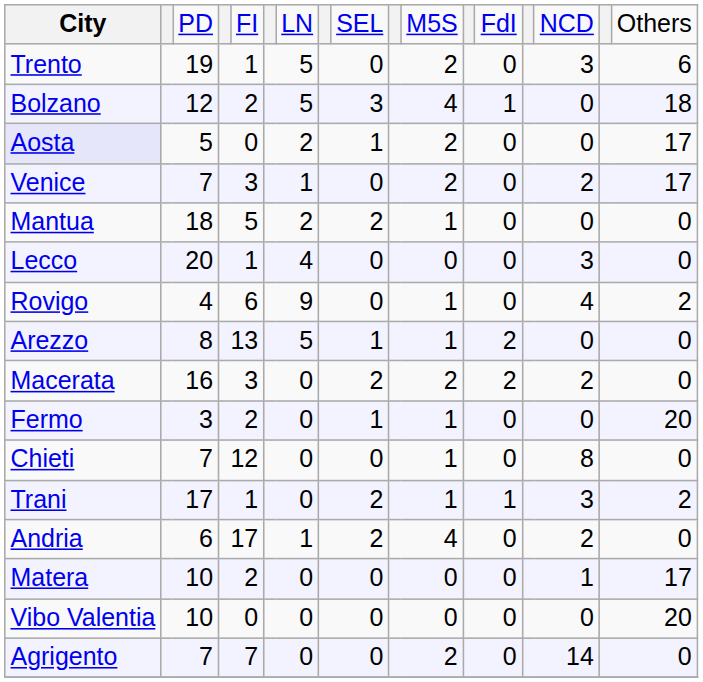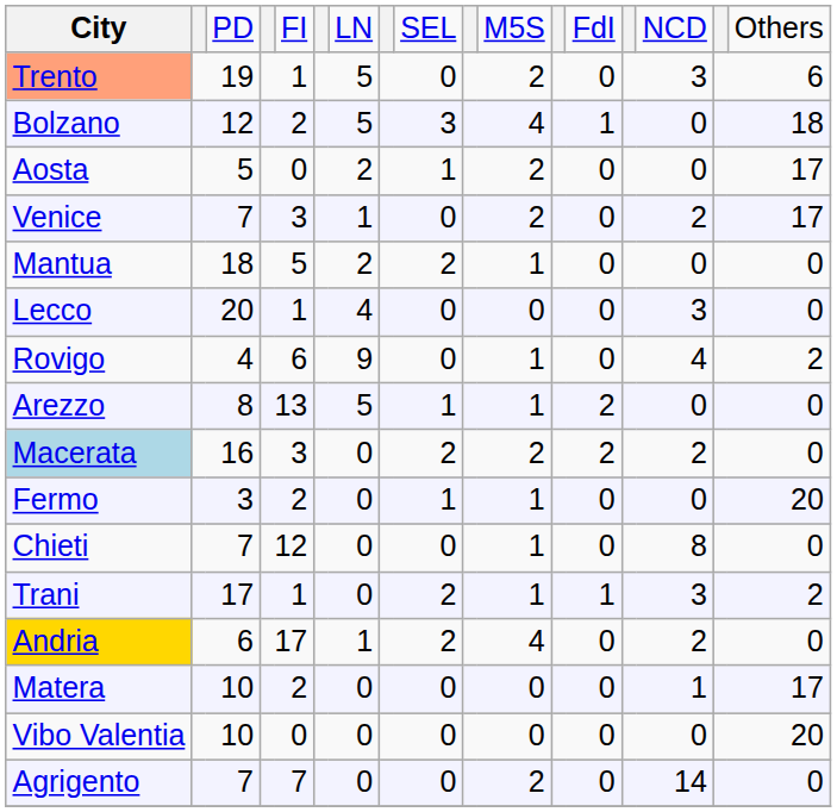 <table class="wikitable" style="text-align:right; padding-left:1em">
 <tr>
 <th align="left">City</th>
 <th style="background-color: "></th>
 <td><a href='#'>PD</a></td>
 <th style="background-color: "></th>
 <td><a href='#'>FI</a></td>
 <th style="background-color: "></th>
 <td><a href='#'>LN</a></td>
 <th style="background-color: "></th>
 <td><a href='#'>SEL</a></td>
 <th style="background-color: "></th>
 <td><a href='#'>M5S</a></td>
 <th style="background-color: "></th>
 <td><a href='#'>FdI</a></td>
 <th style="background-color: "></th>
 <td><a href='#'>NCD</a></td>
 <th style="background-color: "></th>
 <td>Others</td>
 </tr>
 <tr>
-<td align=left><a href='#'>Trento</a></td>
+<td align=left style="background: lightsalmon;"><a href='#'>Trento</a></td>
 <td colspan=2>19</td>
 <td colspan=2>1</td>
 <td colspan=2>5</td>
 <td colspan=2>0</td>
 <td colspan=2>2</td>
 <td colspan=2>0</td>
 <td colspan=2>3</td>
 <td colspan=2>6</td>
 </tr>
 <tr bgcolor=F3F3FF>
 <td align=left><a href='#'>Bolzano</a></td>
 <td colspan=2>12</td>
 <td colspan=2>2</td>
 <td colspan=2>5</td>
 <td colspan=2>3</td>
 <td colspan=2>4</td>
 <td colspan=2>1</td>
 <td colspan=2>0</td>
 <td colspan=2>18</td>
 </tr>
 <tr>
-<td align=left style="background: lavender;"><a href='#'>Aosta</a></td>
+<td align=left><a href='#'>Aosta</a></td>
 <td colspan=2>5</td>
 <td colspan=2>0</td>
 <td colspan=2>2</td>
 <td colspan=2>1</td>
 <td colspan=2>2</td>
 <td colspan=2>0</td>
 <td colspan=2>0</td>
 <td colspan=2>17</td>
 </tr>
 <tr bgcolor=F3F3FF>
 <td align=left><a href='#'>Venice</a></td>
 <td colspan=2>7</td>
 <td colspan=2>3</td>
 <td colspan=2>1</td>
 <td colspan=2>0</td>
 <td colspan=2>2</td>
 <td colspan=2>0</td>
 <td colspan=2>2</td>
 <td colspan=2>17</td>
 </tr>
 <tr>
 <td align=left><a href='#'>Mantua</a></td>
 <td colspan=2>18</td>
 <td colspan=2>5</td>
 <td colspan=2>2</td>
 <td colspan=2>2</td>
 <td colspan=2>1</td>
 <td colspan=2>0</td>
 <td colspan=2>0</td>
 <td colspan=2>0</td>
 </tr>
 <tr bgcolor=F3F3FF>
 <td align=left><a href='#'>Lecco</a></td>
 <td colspan=2>20</td>
 <td colspan=2>1</td>
 <td colspan=2>4</td>
 <td colspan=2>0</td>
 <td colspan=2>0</td>
 <td colspan=2>0</td>
 <td colspan=2>3</td>
 <td colspan=2>0</td>
 </tr>
 <tr>
 <td align=left><a href='#'>Rovigo</a></td>
 <td colspan=2>4</td>
 <td colspan=2>6</td>
 <td colspan=2>9</td>
 <td colspan=2>0</td>
 <td colspan=2>1</td>
 <td colspan=2>0</td>
 <td colspan=2>4</td>
 <td colspan=2>2</td>
 </tr>
 <tr bgcolor=F3F3FF>
 <td align=left><a href='#'>Arezzo</a></td>
 <td colspan=2>8</td>
 <td colspan=2>13</td>
 <td colspan=2>5</td>
 <td colspan=2>1</td>
 <td colspan=2>1</td>
 <td colspan=2>2</td>
 <td colspan=2>0</td>
 <td colspan=2>0</td>
 </tr>
 <tr>
-<td align=left><a href='#'>Macerata</a></td>
+<td align=left style="background: lightblue;"><a href='#'>Macerata</a></td>
 <td colspan=2>16</td>
 <td colspan=2>3</td>
 <td colspan=2>0</td>
 <td colspan=2>2</td>
 <td colspan=2>2</td>
 <td colspan=2>2</td>
 <td colspan=2>2</td>
 <td colspan=2>0</td>
 </tr>
 <tr bgcolor=F3F3FF>
 <td align=left><a href='#'>Fermo</a></td>
 <td colspan=2>3</td>
 <td colspan=2>2</td>
 <td colspan=2>0</td>
 <td colspan=2>1</td>
 <td colspan=2>1</td>
 <td colspan=2>0</td>
 <td colspan=2>0</td>
 <td colspan=2>20</td>
 </tr>
 <tr>
 <td align=left><a href='#'>Chieti</a></td>
 <td colspan=2>7</td>
 <td colspan=2>12</td>
 <td colspan=2>0</td>
 <td colspan=2>0</td>
 <td colspan=2>1</td>
 <td colspan=2>0</td>
 <td colspan=2>8</td>
 <td colspan=2>0</td>
 </tr>
 <tr bgcolor=F3F3FF>
 <td align=left><a href='#'>Trani</a></td>
 <td colspan=2>17</td>
 <td colspan=2>1</td>
 <td colspan=2>0</td>
 <td colspan=2>2</td>
 <td colspan=2>1</td>
 <td colspan=2>1</td>
 <td colspan=2>3</td>
 <td colspan=2>2</td>
 </tr>
 <tr>
-<td align=left><a href='#'>Andria</a></td>
+<td align=left style="background: gold;"><a href='#'>Andria</a></td>
 <td colspan=2>6</td>
 <td colspan=2>17</td>
 <td colspan=2>1</td>
 <td colspan=2>2</td>
 <td colspan=2>4</td>
 <td colspan=2>0</td>
 <td colspan=2>2</td>
 <td colspan=2>0</td>
 </tr>
 <tr bgcolor=F3F3FF>
 <td align=left><a href='#'>Matera</a></td>
 <td colspan=2>10</td>
 <td colspan=2>2</td>
 <td colspan=2>0</td>
 <td colspan=2>0</td>
 <td colspan=2>0</td>
 <td colspan=2>0</td>
 <td colspan=2>1</td>
 <td colspan=2>17</td>
 </tr>
 <tr>
 <td align=left><a href='#'>Vibo Valentia</a></td>
 <td colspan=2>10</td>
 <td colspan=2>0</td>
 <td colspan=2>0</td>
 <td colspan=2>0</td>
 <td colspan=2>0</td>
 <td colspan=2>0</td>
 <td colspan=2>0</td>
 <td colspan=2>20</td>
 </tr>
 <tr bgcolor=F3F3FF>
 <td align=left><a href='#'>Agrigento</a></td>
 <td colspan=2>7</td>
 <td colspan=2>7</td>
 <td colspan=2>0</td>
 <td colspan=2>0</td>
 <td colspan=2>2</td>
 <td colspan=2>0</td>
 <td colspan=2>14</td>
 <td colspan=2>0</td>
 </tr>
 <tr>
 </tr>
 </table>
